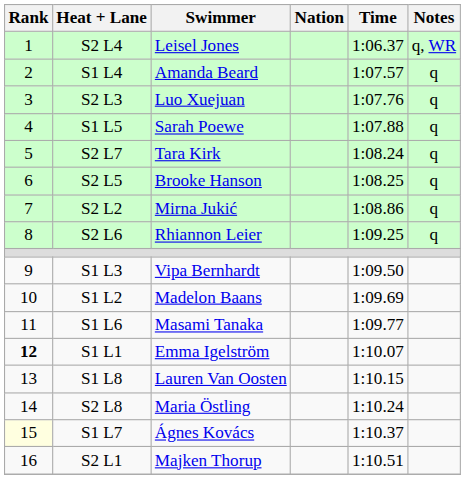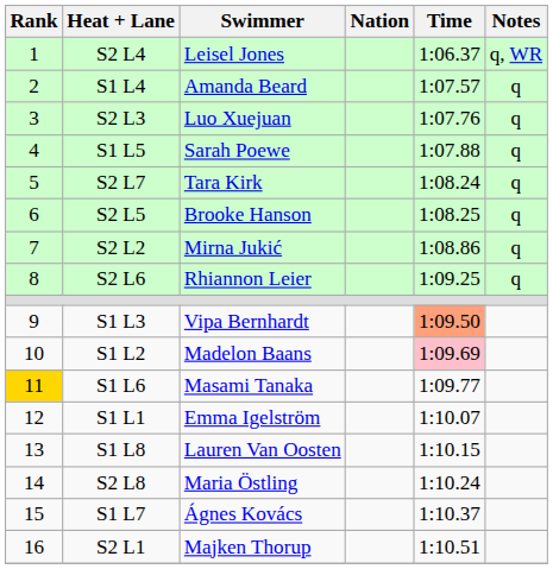 <table class="wikitable sortable" style="text-align:center">
 <tr>
 <th>Rank</th>
 <th>Heat + Lane</th>
 <th>Swimmer</th>
 <th>Nation</th>
 <th>Time</th>
 <th>Notes</th>
 </tr>
 <tr bgcolor=ccffcc>
 <td>1</td>
 <td>S2 L4</td>
 <td align=left><a href='#'>Leisel Jones</a></td>
 <td align=left></td>
 <td>1:06.37</td>
 <td>q, <a href='#'>WR</a></td>
 </tr>
 <tr bgcolor=ccffcc>
 <td>2</td>
 <td>S1 L4</td>
 <td align=left><a href='#'>Amanda Beard</a></td>
 <td align=left></td>
 <td>1:07.57</td>
 <td>q</td>
 </tr>
 <tr bgcolor=ccffcc>
 <td>3</td>
 <td>S2 L3</td>
 <td align=left><a href='#'>Luo Xuejuan</a></td>
 <td align=left></td>
 <td>1:07.76</td>
 <td>q</td>
 </tr>
 <tr bgcolor=ccffcc>
 <td>4</td>
 <td>S1 L5</td>
 <td align=left><a href='#'>Sarah Poewe</a></td>
 <td align=left></td>
 <td>1:07.88</td>
 <td>q</td>
 </tr>
 <tr bgcolor=ccffcc>
 <td>5</td>
 <td>S2 L7</td>
 <td align=left><a href='#'>Tara Kirk</a></td>
 <td align=left></td>
 <td>1:08.24</td>
 <td>q</td>
 </tr>
 <tr bgcolor=ccffcc>
 <td>6</td>
 <td>S2 L5</td>
 <td align=left><a href='#'>Brooke Hanson</a></td>
 <td align=left></td>
 <td>1:08.25</td>
 <td>q</td>
 </tr>
 <tr bgcolor=ccffcc>
 <td>7</td>
 <td>S2 L2</td>
 <td align=left><a href='#'>Mirna Jukić</a></td>
 <td align=left></td>
 <td>1:08.86</td>
 <td>q</td>
 </tr>
 <tr bgcolor=ccffcc>
 <td>8</td>
 <td>S2 L6</td>
 <td align=left><a href='#'>Rhiannon Leier</a></td>
 <td align=left></td>
 <td>1:09.25</td>
 <td>q</td>
 </tr>
 <tr bgcolor=#DDDDDD>
 <td colspan=6></td>
 </tr>
 <tr>
 <td>9</td>
 <td>S1 L3</td>
 <td align=left><a href='#'>Vipa Bernhardt</a></td>
 <td align=left></td>
-<td>1:09.50</td>
+<td style="background: lightsalmon;">1:09.50</td>
 <td></td>
 </tr>
 <tr>
 <td>10</td>
 <td>S1 L2</td>
 <td align=left><a href='#'>Madelon Baans</a></td>
 <td align=left></td>
-<td>1:09.69</td>
+<td style="background: pink;">1:09.69</td>
 <td></td>
 </tr>
 <tr>
-<td>11</td>
+<td style="background: gold;">11</td>
 <td>S1 L6</td>
 <td align=left><a href='#'>Masami Tanaka</a></td>
 <td align=left></td>
 <td>1:09.77</td>
 <td></td>
 </tr>
 <tr>
-<td><strong>12</strong></td>
+<td>12</td>
 <td>S1 L1</td>
 <td align=left><a href='#'>Emma Igelström</a></td>
 <td align=left></td>
 <td>1:10.07</td>
 <td></td>
 </tr>
 <tr>
 <td>13</td>
 <td>S1 L8</td>
 <td align=left><a href='#'>Lauren Van Oosten</a></td>
 <td align=left></td>
 <td>1:10.15</td>
 <td></td>
 </tr>
 <tr>
 <td>14</td>
 <td>S2 L8</td>
 <td align=left><a href='#'>Maria Östling</a></td>
 <td align=left></td>
 <td>1:10.24</td>
 <td></td>
 </tr>
 <tr>
-<td style="background: lightyellow;">15</td>
+<td>15</td>
 <td>S1 L7</td>
 <td align=left><a href='#'>Ágnes Kovács</a></td>
 <td align=left></td>
 <td>1:10.37</td>
 <td></td>
 </tr>
 <tr>
 <td>16</td>
 <td>S2 L1</td>
 <td align=left><a href='#'>Majken Thorup</a></td>
 <td align=left></td>
 <td>1:10.51</td>
 <td></td>
 </tr>
 <tr>
 </tr>
 </table>
